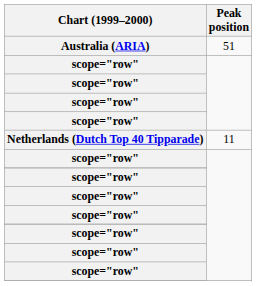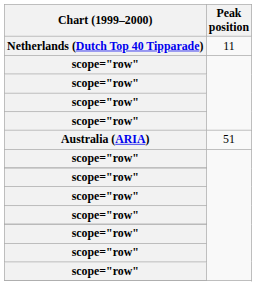 <table class="wikitable sortable plainrowheaders" style="text-align:center;">
 <tr>
 <th scope="col">Chart (1999–2000)</th>
 <th scope="col">Peak<br>position</th>
 </tr>
 <tr>
-<th scope="row">Australia (<a href='#'>ARIA</a>)</th>
-<td>51</td>
+<th scope="row">Netherlands (<a href='#'>Dutch Top 40 Tipparade</a>)</th>
+<td>11</td>
 </tr>
 <tr>
 <th>scope="row"</th>
 </tr>
 <tr>
 <th>scope="row"</th>
 </tr>
 <tr>
 <th>scope="row"</th>
 </tr>
 <tr>
 <th>scope="row"</th>
 </tr>
 <tr>
-<th scope="row">Netherlands (<a href='#'>Dutch Top 40 Tipparade</a>)</th>
-<td>11</td>
+<th scope="row">Australia (<a href='#'>ARIA</a>)</th>
+<td>51</td>
 </tr>
 <tr>
 <th>scope="row"</th>
 </tr>
 <tr>
 </tr>
 <tr>
 <th>scope="row"</th>
 </tr>
 <tr>
 <th>scope="row"</th>
 </tr>
 <tr>
 <th>scope="row"</th>
 </tr>
 <tr>
 </tr>
 <tr>
 <th>scope="row"</th>
 </tr>
 <tr>
 <th>scope="row"</th>
 </tr>
 <tr>
 <th>scope="row"</th>
 </tr>
 <tr>
 </tr>
 </table>
